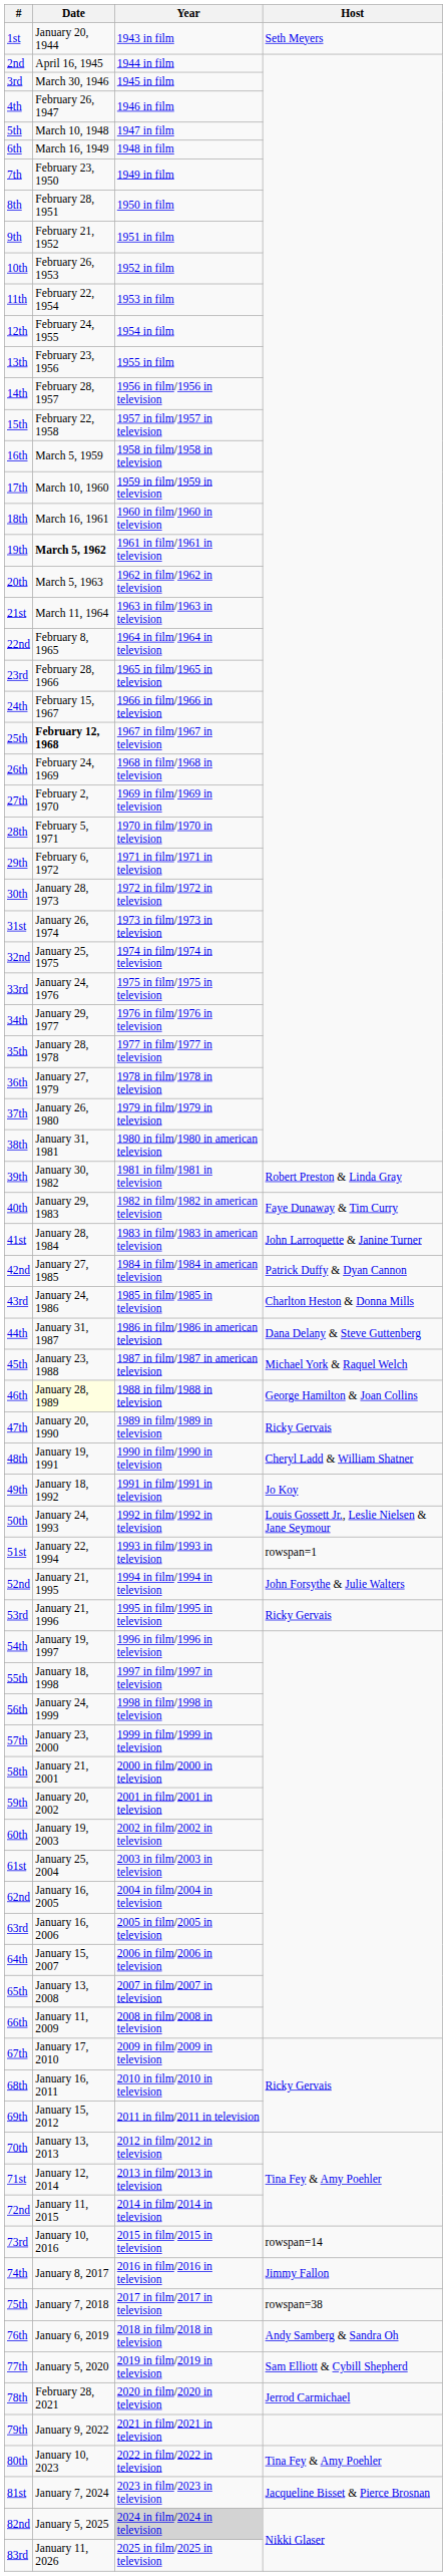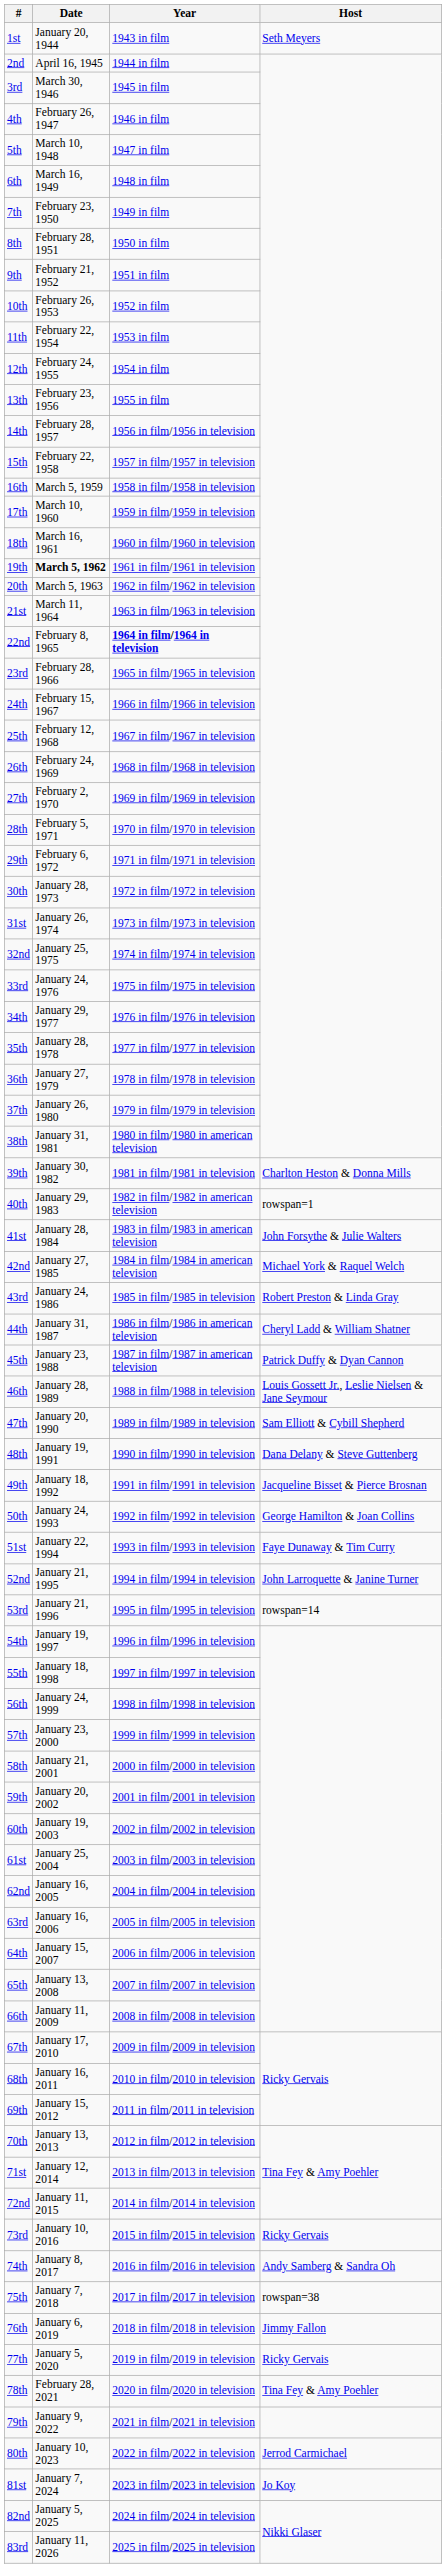 <table class="wikitable">
 <tr>
 <th>#</th>
 <th>Date</th>
 <th>Year</th>
 <th>Host</th>
 </tr>
 <tr>
 <td><a href='#'>1st</a></td>
 <td>January 20, 1944</td>
 <td><a href='#'>1943 in film</a></td>
 <td><a href='#'>Seth Meyers</a></td>
 </tr>
 <tr>
 <td><a href='#'>2nd</a></td>
 <td>April 16, 1945</td>
 <td><a href='#'>1944 in film</a></td>
 </tr>
 <tr>
 <td><a href='#'>3rd</a></td>
 <td>March 30, 1946</td>
 <td><a href='#'>1945 in film</a></td>
 </tr>
 <tr>
 <td><a href='#'>4th</a></td>
 <td>February 26, 1947</td>
 <td><a href='#'>1946 in film</a></td>
 </tr>
 <tr>
 <td><a href='#'>5th</a></td>
 <td>March 10, 1948</td>
 <td><a href='#'>1947 in film</a></td>
 </tr>
 <tr>
 <td><a href='#'>6th</a></td>
 <td>March 16, 1949</td>
 <td><a href='#'>1948 in film</a></td>
 </tr>
 <tr>
 <td><a href='#'>7th</a></td>
 <td>February 23, 1950</td>
 <td><a href='#'>1949 in film</a></td>
 </tr>
 <tr>
 <td><a href='#'>8th</a></td>
 <td>February 28, 1951</td>
 <td><a href='#'>1950 in film</a></td>
 </tr>
 <tr>
 <td><a href='#'>9th</a></td>
 <td>February 21, 1952</td>
 <td><a href='#'>1951 in film</a></td>
 </tr>
 <tr>
 <td><a href='#'>10th</a></td>
 <td>February 26, 1953</td>
 <td><a href='#'>1952 in film</a></td>
 </tr>
 <tr>
 <td><a href='#'>11th</a></td>
 <td>February 22, 1954</td>
 <td><a href='#'>1953 in film</a></td>
 </tr>
 <tr>
 <td><a href='#'>12th</a></td>
 <td>February 24, 1955</td>
 <td><a href='#'>1954 in film</a></td>
 </tr>
 <tr>
 <td><a href='#'>13th</a></td>
 <td>February 23, 1956</td>
 <td><a href='#'>1955 in film</a></td>
 </tr>
 <tr>
 <td><a href='#'>14th</a></td>
 <td>February 28, 1957</td>
 <td><a href='#'>1956 in film</a>/<a href='#'>1956 in television</a></td>
 </tr>
 <tr>
 <td><a href='#'>15th</a></td>
 <td>February 22, 1958</td>
 <td><a href='#'>1957 in film</a>/<a href='#'>1957 in television</a></td>
 </tr>
 <tr>
 <td><a href='#'>16th</a></td>
 <td>March 5, 1959</td>
 <td><a href='#'>1958 in film</a>/<a href='#'>1958 in television</a></td>
 </tr>
 <tr>
 <td><a href='#'>17th</a></td>
 <td>March 10, 1960</td>
 <td><a href='#'>1959 in film</a>/<a href='#'>1959 in television</a></td>
 </tr>
 <tr>
 <td><a href='#'>18th</a></td>
 <td>March 16, 1961</td>
 <td><a href='#'>1960 in film</a>/<a href='#'>1960 in television</a></td>
 </tr>
 <tr>
 <td><a href='#'>19th</a></td>
 <td><strong>March 5, 1962</strong></td>
 <td><a href='#'>1961 in film</a>/<a href='#'>1961 in television</a></td>
 </tr>
 <tr>
 <td><a href='#'>20th</a></td>
 <td>March 5, 1963</td>
 <td><a href='#'>1962 in film</a>/<a href='#'>1962 in television</a></td>
 </tr>
 <tr>
 <td><a href='#'>21st</a></td>
 <td>March 11, 1964</td>
 <td><a href='#'>1963 in film</a>/<a href='#'>1963 in television</a></td>
 </tr>
 <tr>
 <td><a href='#'>22nd</a></td>
 <td>February 8, 1965</td>
-<td><a href='#'>1964 in film</a>/<a href='#'>1964 in television</a></td>
+<td><strong><a href='#'>1964 in film</a>/<a href='#'>1964 in television</a></strong></td>
 </tr>
 <tr>
 <td><a href='#'>23rd</a></td>
 <td>February 28, 1966</td>
 <td><a href='#'>1965 in film</a>/<a href='#'>1965 in television</a></td>
 </tr>
 <tr>
 <td><a href='#'>24th</a></td>
 <td>February 15, 1967</td>
 <td><a href='#'>1966 in film</a>/<a href='#'>1966 in television</a></td>
 </tr>
 <tr>
 <td><a href='#'>25th</a></td>
-<td><strong>February 12, 1968</strong></td>
+<td>February 12, 1968</td>
 <td><a href='#'>1967 in film</a>/<a href='#'>1967 in television</a></td>
 </tr>
 <tr>
 <td><a href='#'>26th</a></td>
 <td>February 24, 1969</td>
 <td><a href='#'>1968 in film</a>/<a href='#'>1968 in television</a></td>
 </tr>
 <tr>
 <td><a href='#'>27th</a></td>
 <td>February 2, 1970</td>
 <td><a href='#'>1969 in film</a>/<a href='#'>1969 in television</a></td>
 </tr>
 <tr>
 <td><a href='#'>28th</a></td>
 <td>February 5, 1971</td>
 <td><a href='#'>1970 in film</a>/<a href='#'>1970 in television</a></td>
 </tr>
 <tr>
 <td><a href='#'>29th</a></td>
 <td>February 6, 1972</td>
 <td><a href='#'>1971 in film</a>/<a href='#'>1971 in television</a></td>
 </tr>
 <tr>
 <td><a href='#'>30th</a></td>
 <td>January 28, 1973</td>
 <td><a href='#'>1972 in film</a>/<a href='#'>1972 in television</a></td>
 </tr>
 <tr>
 <td><a href='#'>31st</a></td>
 <td>January 26, 1974</td>
 <td><a href='#'>1973 in film</a>/<a href='#'>1973 in television</a></td>
 </tr>
 <tr>
 <td><a href='#'>32nd</a></td>
 <td>January 25, 1975</td>
 <td><a href='#'>1974 in film</a>/<a href='#'>1974 in television</a></td>
 </tr>
 <tr>
 <td><a href='#'>33rd</a></td>
 <td>January 24, 1976</td>
 <td><a href='#'>1975 in film</a>/<a href='#'>1975 in television</a></td>
 </tr>
 <tr>
 <td><a href='#'>34th</a></td>
 <td>January 29, 1977</td>
 <td><a href='#'>1976 in film</a>/<a href='#'>1976 in television</a></td>
 </tr>
 <tr>
 <td><a href='#'>35th</a></td>
 <td>January 28, 1978</td>
 <td><a href='#'>1977 in film</a>/<a href='#'>1977 in television</a></td>
 </tr>
 <tr>
 <td><a href='#'>36th</a></td>
 <td>January 27, 1979</td>
 <td><a href='#'>1978 in film</a>/<a href='#'>1978 in television</a></td>
 </tr>
 <tr>
 <td><a href='#'>37th</a></td>
 <td>January 26, 1980</td>
 <td><a href='#'>1979 in film</a>/<a href='#'>1979 in television</a></td>
 </tr>
 <tr>
 <td><a href='#'>38th</a></td>
 <td>January 31, 1981</td>
 <td><a href='#'>1980 in film</a>/<a href='#'>1980 in american television</a></td>
 </tr>
 <tr>
 <td><a href='#'>39th</a></td>
 <td>January 30, 1982</td>
 <td><a href='#'>1981 in film</a>/<a href='#'>1981 in television</a></td>
-<td><a href='#'>Robert Preston</a> & <a href='#'>Linda Gray</a></td>
+<td><a href='#'>Charlton Heston</a> & <a href='#'>Donna Mills</a></td>
 </tr>
 <tr>
 <td><a href='#'>40th</a></td>
 <td>January 29, 1983</td>
 <td><a href='#'>1982 in film</a>/<a href='#'>1982 in american television</a></td>
-<td><a href='#'>Faye Dunaway</a> & <a href='#'>Tim Curry</a></td>
+<td>rowspan=1 </td>
 </tr>
 <tr>
 <td><a href='#'>41st</a></td>
 <td>January 28, 1984</td>
 <td><a href='#'>1983 in film</a>/<a href='#'>1983 in american television</a></td>
-<td><a href='#'>John Larroquette</a> & <a href='#'>Janine Turner</a></td>
+<td><a href='#'>John Forsythe</a> & <a href='#'>Julie Walters</a></td>
 </tr>
 <tr>
 <td><a href='#'>42nd</a></td>
 <td>January 27, 1985</td>
 <td><a href='#'>1984 in film</a>/<a href='#'>1984 in american television</a></td>
-<td><a href='#'>Patrick Duffy</a> & <a href='#'>Dyan Cannon</a></td>
+<td><a href='#'>Michael York</a> & <a href='#'>Raquel Welch</a></td>
 </tr>
 <tr>
 <td><a href='#'>43rd</a></td>
 <td>January 24, 1986</td>
 <td><a href='#'>1985 in film</a>/<a href='#'>1985 in television</a></td>
-<td><a href='#'>Charlton Heston</a> & <a href='#'>Donna Mills</a></td>
+<td><a href='#'>Robert Preston</a> & <a href='#'>Linda Gray</a></td>
 </tr>
 <tr>
 <td><a href='#'>44th</a></td>
 <td>January 31, 1987</td>
 <td><a href='#'>1986 in film</a>/<a href='#'>1986 in american television</a></td>
-<td><a href='#'>Dana Delany</a> & <a href='#'>Steve Guttenberg</a></td>
+<td><a href='#'>Cheryl Ladd</a> & <a href='#'>William Shatner</a></td>
 </tr>
 <tr>
 <td><a href='#'>45th</a></td>
 <td>January 23, 1988</td>
 <td><a href='#'>1987 in film</a>/<a href='#'>1987 in american television</a></td>
-<td><a href='#'>Michael York</a> & <a href='#'>Raquel Welch</a></td>
+<td><a href='#'>Patrick Duffy</a> & <a href='#'>Dyan Cannon</a></td>
 </tr>
 <tr>
 <td><a href='#'>46th</a></td>
-<td style="background: lightyellow;">January 28, 1989</td>
+<td>January 28, 1989</td>
 <td><a href='#'>1988 in film</a>/<a href='#'>1988 in television</a></td>
-<td><a href='#'>George Hamilton</a> & <a href='#'>Joan Collins</a></td>
+<td><a href='#'>Louis Gossett Jr.</a>, <a href='#'>Leslie Nielsen</a> & <a href='#'>Jane Seymour</a></td>
 </tr>
 <tr>
 <td><a href='#'>47th</a></td>
 <td>January 20, 1990</td>
 <td><a href='#'>1989 in film</a>/<a href='#'>1989 in television</a></td>
-<td><a href='#'>Ricky Gervais</a></td>
+<td><a href='#'>Sam Elliott</a> & <a href='#'>Cybill Shepherd</a></td>
 </tr>
 <tr>
 <td><a href='#'>48th</a></td>
 <td>January 19, 1991</td>
 <td><a href='#'>1990 in film</a>/<a href='#'>1990 in television</a></td>
-<td><a href='#'>Cheryl Ladd</a> & <a href='#'>William Shatner</a></td>
+<td><a href='#'>Dana Delany</a> & <a href='#'>Steve Guttenberg</a></td>
 </tr>
 <tr>
 <td><a href='#'>49th</a></td>
 <td>January 18, 1992</td>
 <td><a href='#'>1991 in film</a>/<a href='#'>1991 in television</a></td>
-<td><a href='#'>Jo Koy</a></td>
+<td><a href='#'>Jacqueline Bisset</a> & <a href='#'>Pierce Brosnan</a></td>
 </tr>
 <tr>
 <td><a href='#'>50th</a></td>
 <td>January 24, 1993</td>
 <td><a href='#'>1992 in film</a>/<a href='#'>1992 in television</a></td>
-<td><a href='#'>Louis Gossett Jr.</a>, <a href='#'>Leslie Nielsen</a> & <a href='#'>Jane Seymour</a></td>
+<td><a href='#'>George Hamilton</a> & <a href='#'>Joan Collins</a></td>
 </tr>
 <tr>
 <td><a href='#'>51st</a></td>
 <td>January 22, 1994</td>
 <td><a href='#'>1993 in film</a>/<a href='#'>1993 in television</a></td>
-<td>rowspan=1 </td>
+<td><a href='#'>Faye Dunaway</a> & <a href='#'>Tim Curry</a></td>
 </tr>
 <tr>
 <td><a href='#'>52nd</a></td>
 <td>January 21, 1995</td>
 <td><a href='#'>1994 in film</a>/<a href='#'>1994 in television</a></td>
-<td><a href='#'>John Forsythe</a> & <a href='#'>Julie Walters</a></td>
+<td><a href='#'>John Larroquette</a> & <a href='#'>Janine Turner</a></td>
 </tr>
 <tr>
 <td><a href='#'>53rd</a></td>
 <td>January 21, 1996</td>
 <td><a href='#'>1995 in film</a>/<a href='#'>1995 in television</a></td>
-<td><a href='#'>Ricky Gervais</a></td>
+<td>rowspan=14 </td>
 </tr>
 <tr>
 <td><a href='#'>54th</a></td>
 <td>January 19, 1997</td>
 <td><a href='#'>1996 in film</a>/<a href='#'>1996 in television</a></td>
 </tr>
 <tr>
 <td><a href='#'>55th</a></td>
 <td>January 18, 1998</td>
 <td><a href='#'>1997 in film</a>/<a href='#'>1997 in television</a></td>
 </tr>
 <tr>
 <td><a href='#'>56th</a></td>
 <td>January 24, 1999</td>
 <td><a href='#'>1998 in film</a>/<a href='#'>1998 in television</a></td>
 </tr>
 <tr>
 <td><a href='#'>57th</a></td>
 <td>January 23, 2000</td>
 <td><a href='#'>1999 in film</a>/<a href='#'>1999 in television</a></td>
 </tr>
 <tr>
 <td><a href='#'>58th</a></td>
 <td>January 21, 2001</td>
 <td><a href='#'>2000 in film</a>/<a href='#'>2000 in television</a></td>
 </tr>
 <tr>
 <td><a href='#'>59th</a></td>
 <td>January 20, 2002</td>
 <td><a href='#'>2001 in film</a>/<a href='#'>2001 in television</a></td>
 </tr>
 <tr>
 <td><a href='#'>60th</a></td>
 <td>January 19, 2003</td>
 <td><a href='#'>2002 in film</a>/<a href='#'>2002 in television</a></td>
 </tr>
 <tr>
 <td><a href='#'>61st</a></td>
 <td>January 25, 2004</td>
 <td><a href='#'>2003 in film</a>/<a href='#'>2003 in television</a></td>
 </tr>
 <tr>
 <td><a href='#'>62nd</a></td>
 <td>January 16, 2005</td>
 <td><a href='#'>2004 in film</a>/<a href='#'>2004 in television</a></td>
 </tr>
 <tr>
 <td><a href='#'>63rd</a></td>
 <td>January 16, 2006</td>
 <td><a href='#'>2005 in film</a>/<a href='#'>2005 in television</a></td>
 </tr>
 <tr>
 <td><a href='#'>64th</a></td>
 <td>January 15, 2007</td>
 <td><a href='#'>2006 in film</a>/<a href='#'>2006 in television</a></td>
 </tr>
 <tr>
 <td><a href='#'>65th</a></td>
 <td>January 13, 2008</td>
 <td><a href='#'>2007 in film</a>/<a href='#'>2007 in television</a></td>
 </tr>
 <tr>
 <td><a href='#'>66th</a></td>
 <td>January 11, 2009</td>
 <td><a href='#'>2008 in film</a>/<a href='#'>2008 in television</a></td>
 </tr>
 <tr>
 <td><a href='#'>67th</a></td>
 <td>January 17, 2010</td>
 <td><a href='#'>2009 in film</a>/<a href='#'>2009 in television</a></td>
 <td rowspan="3"><a href='#'>Ricky Gervais</a></td>
 </tr>
 <tr>
 <td><a href='#'>68th</a></td>
 <td>January 16, 2011</td>
 <td><a href='#'>2010 in film</a>/<a href='#'>2010 in television</a></td>
 </tr>
 <tr>
 <td><a href='#'>69th</a></td>
 <td>January 15, 2012</td>
 <td><a href='#'>2011 in film</a>/<a href='#'>2011 in television</a></td>
 </tr>
 <tr>
 <td><a href='#'>70th</a></td>
 <td>January 13, 2013</td>
 <td><a href='#'>2012 in film</a>/<a href='#'>2012 in television</a></td>
 <td rowspan="3"><a href='#'>Tina Fey</a> & <a href='#'>Amy Poehler</a></td>
 </tr>
 <tr>
 <td><a href='#'>71st</a></td>
 <td>January 12, 2014</td>
 <td><a href='#'>2013 in film</a>/<a href='#'>2013 in television</a></td>
 </tr>
 <tr>
 <td><a href='#'>72nd</a></td>
 <td>January 11, 2015</td>
 <td><a href='#'>2014 in film</a>/<a href='#'>2014 in television</a></td>
 </tr>
 <tr>
 <td><a href='#'>73rd</a></td>
 <td>January 10, 2016</td>
 <td><a href='#'>2015 in film</a>/<a href='#'>2015 in television</a></td>
-<td>rowspan=14 </td>
+<td><a href='#'>Ricky Gervais</a></td>
 </tr>
 <tr>
 <td><a href='#'>74th</a></td>
 <td>January 8, 2017</td>
 <td><a href='#'>2016 in film</a>/<a href='#'>2016 in television</a></td>
-<td><a href='#'>Jimmy Fallon</a></td>
+<td><a href='#'>Andy Samberg</a> & <a href='#'>Sandra Oh</a></td>
 </tr>
 <tr>
 <td><a href='#'>75th</a></td>
 <td>January 7, 2018</td>
 <td><a href='#'>2017 in film</a>/<a href='#'>2017 in television</a></td>
 <td>rowspan=38 </td>
 </tr>
 <tr>
 <td><a href='#'>76th</a></td>
 <td>January 6, 2019</td>
 <td><a href='#'>2018 in film</a>/<a href='#'>2018 in television</a></td>
-<td><a href='#'>Andy Samberg</a> & <a href='#'>Sandra Oh</a></td>
+<td><a href='#'>Jimmy Fallon</a></td>
 </tr>
 <tr>
 <td><a href='#'>77th</a></td>
 <td>January 5, 2020</td>
 <td><a href='#'>2019 in film</a>/<a href='#'>2019 in television</a></td>
-<td><a href='#'>Sam Elliott</a> & <a href='#'>Cybill Shepherd</a></td>
+<td><a href='#'>Ricky Gervais</a></td>
 </tr>
 <tr>
 <td><a href='#'>78th</a></td>
 <td>February 28, 2021</td>
 <td><a href='#'>2020 in film</a>/<a href='#'>2020 in television</a></td>
-<td><a href='#'>Jerrod Carmichael</a></td>
+<td><a href='#'>Tina Fey</a> & <a href='#'>Amy Poehler</a></td>
 </tr>
 <tr>
 <td><a href='#'>79th</a></td>
 <td>January 9, 2022</td>
 <td><a href='#'>2021 in film</a>/<a href='#'>2021 in television</a></td>
 <td></td>
 </tr>
 <tr>
 <td><a href='#'>80th</a></td>
 <td>January 10, 2023</td>
 <td><a href='#'>2022 in film</a>/<a href='#'>2022 in television</a></td>
-<td><a href='#'>Tina Fey</a> & <a href='#'>Amy Poehler</a></td>
+<td><a href='#'>Jerrod Carmichael</a></td>
 </tr>
 <tr>
 <td><a href='#'>81st</a></td>
 <td>January 7, 2024</td>
 <td><a href='#'>2023 in film</a>/<a href='#'>2023 in television</a></td>
-<td><a href='#'>Jacqueline Bisset</a> & <a href='#'>Pierce Brosnan</a></td>
+<td><a href='#'>Jo Koy</a></td>
 </tr>
 <tr>
 <td><a href='#'>82nd</a></td>
 <td>January 5, 2025</td>
-<td style="background: lightgrey;"><a href='#'>2024 in film</a>/<a href='#'>2024 in television</a></td>
+<td><a href='#'>2024 in film</a>/<a href='#'>2024 in television</a></td>
 <td rowspan="2"><a href='#'>Nikki Glaser</a></td>
 </tr>
 <tr>
 <td><a href='#'>83rd</a></td>
 <td>January 11, 2026</td>
 <td><a href='#'>2025 in film</a>/<a href='#'>2025 in television</a></td>
 </tr>
 </table>
